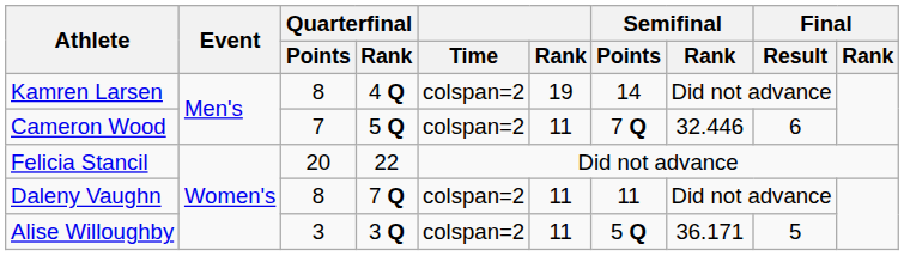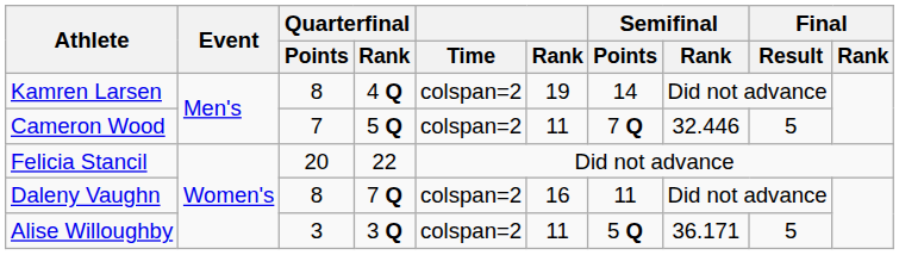 <table class=wikitable style=font-size:90%;text-align:center>
 <tr>
 <th rowspan=2>Athlete</th>
 <th rowspan=2>Event</th>
 <th colspan=2>Quarterfinal</th>
 <th colspan=2></th>
 <th colspan=2>Semifinal</th>
 <th colspan=2>Final</th>
 </tr>
 <tr style=font-size:95%>
 <th>Points</th>
 <th>Rank</th>
 <th>Time</th>
 <th>Rank</th>
 <th>Points</th>
 <th>Rank</th>
 <th>Result</th>
 <th>Rank</th>
 </tr>
 <tr>
 <td align=left><a href='#'>Kamren Larsen</a></td>
 <td align=left rowspan=2><a href='#'>Men's</a></td>
 <td>8</td>
 <td>4 <strong>Q</strong></td>
 <td>colspan=2 </td>
 <td>19</td>
 <td>14</td>
 <td colspan=2>Did not advance</td>
 </tr>
 <tr>
 <td align=left><a href='#'>Cameron Wood</a></td>
 <td>7</td>
 <td>5 <strong>Q</strong></td>
 <td>colspan=2 </td>
 <td>11</td>
 <td>7 <strong>Q</strong></td>
 <td>32.446</td>
-<td>6</td>
+<td>5</td>
 </tr>
 <tr>
 <td align=left><a href='#'>Felicia Stancil</a></td>
 <td align=left rowspan=3><a href='#'>Women's</a></td>
 <td>20</td>
 <td>22</td>
 <td colspan=6>Did not advance</td>
 </tr>
 <tr>
 <td align=left><a href='#'>Daleny Vaughn</a></td>
 <td>8</td>
 <td>7 <strong>Q</strong></td>
 <td>colspan=2 </td>
-<td>11</td>
+<td>16</td>
 <td>11</td>
 <td colspan=2>Did not advance</td>
 </tr>
 <tr>
 <td align=left><a href='#'>Alise Willoughby</a></td>
 <td>3</td>
 <td>3 <strong>Q</strong></td>
 <td>colspan=2 </td>
 <td>11</td>
 <td>5 <strong>Q</strong></td>
 <td>36.171</td>
 <td>5</td>
 </tr>
 </table>
